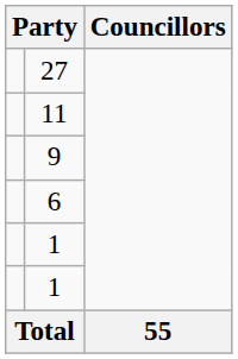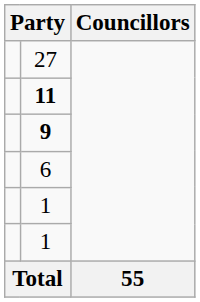 <table class="wikitable">
 <tr>
 <th colspan=2>Party</th>
 <th>Councillors</th>
 </tr>
 <tr>
 <td></td>
 <td align=center>27</td>
 </tr>
 <tr>
 <td></td>
-<td align=center>11</td>
+<td align=center><strong>11</strong></td>
 </tr>
 <tr>
 <td></td>
-<td align=center>9</td>
+<td align=center><strong>9</strong></td>
 </tr>
 <tr>
 <td></td>
 <td align=center>6</td>
 </tr>
 <tr>
 <td></td>
 <td align=center>1</td>
 </tr>
 <tr>
 <td></td>
 <td align=center>1</td>
 </tr>
 <tr>
 <th colspan=2>Total</th>
 <th align=center>55</th>
 </tr>
 </table>
